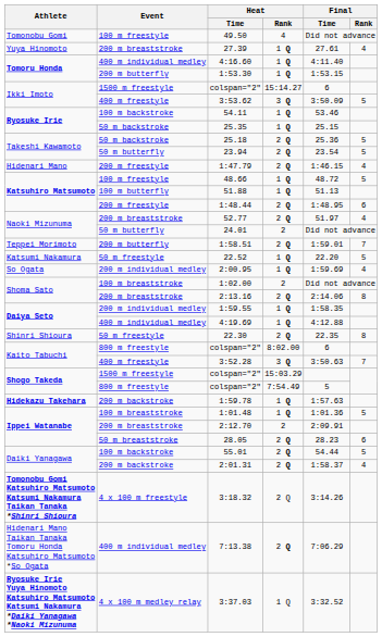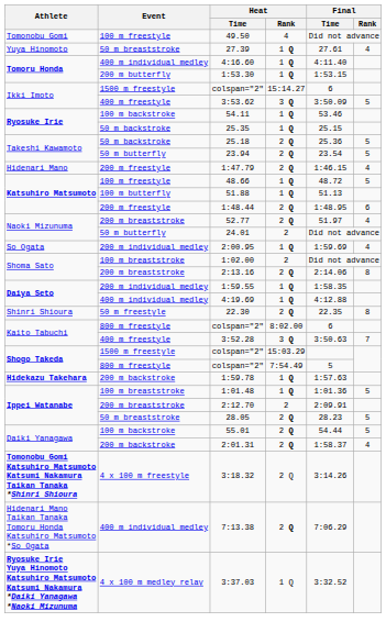 <table class=wikitable style="font-size:90%">
 <tr>
 <th rowspan="2">Athlete</th>
 <th rowspan="2">Event</th>
 <th colspan="2">Heat</th>
 <th colspan="2">Final</th>
 </tr>
 <tr style="font-size:95%">
 <th>Time</th>
 <th>Rank</th>
 <th>Time</th>
 <th>Rank</th>
 </tr>
 <tr align=center>
 <td align=left><a href='#'>Tomonobu Gomi</a></td>
 <td align=left><a href='#'>100 m freestyle</a></td>
 <td>49.50</td>
 <td>4</td>
 <td colspan="2">Did not advance</td>
 </tr>
 <tr align=center>
 <td align=left><a href='#'>Yuya Hinomoto</a></td>
-<td align=left><a href='#'>200 m breaststroke</a></td>
+<td align=left><a href='#'>50 m breaststroke</a></td>
 <td>27.39</td>
 <td>1 <strong>Q</strong></td>
 <td>27.61</td>
 <td>4</td>
 </tr>
 <tr align=center>
 <td align=left rowspan="2"><strong><a href='#'>Tomoru Honda</a></strong></td>
 <td align=left><a href='#'>400 m individual medley</a></td>
 <td>4:16.60</td>
 <td>1 <strong>Q</strong></td>
 <td>4:11.40</td>
 <td></td>
 </tr>
 <tr align=center>
 <td align=left><a href='#'>200 m butterfly</a></td>
 <td>1:53.30</td>
 <td>1 <strong>Q</strong></td>
 <td>1:53.15</td>
 <td></td>
 </tr>
 <tr align=center>
 <td align=left rowspan="2"><a href='#'>Ikki Imoto</a></td>
 <td align=left><a href='#'>1500 m freestyle</a></td>
 <td>colspan="2" </td>
 <td>15:14.27</td>
 <td>6</td>
 </tr>
 <tr align=center>
 <td align=left><a href='#'>400 m freestyle</a></td>
 <td>3:53.62</td>
 <td>3 <strong>Q</strong></td>
 <td>3:50.09</td>
 <td>5</td>
 </tr>
 <tr align=center>
 <td rowspan="2" align=left><strong><a href='#'>Ryosuke Irie</a></strong></td>
 <td align=left><a href='#'>100 m backstroke</a></td>
 <td>54.11</td>
 <td>1 <strong>Q</strong></td>
 <td>53.46</td>
 <td></td>
 </tr>
 <tr align=center>
 <td align=left><a href='#'>50 m backstroke</a></td>
 <td>25.35</td>
 <td>1 <strong>Q</strong></td>
 <td>25.15</td>
 <td></td>
 </tr>
 <tr align=center>
 <td align=left rowspan="2"><a href='#'>Takeshi Kawamoto</a></td>
 <td align=left><a href='#'>50 m backstroke</a></td>
 <td>25.18</td>
 <td>2 <strong>Q</strong></td>
 <td>25.36</td>
 <td>5</td>
 </tr>
 <tr align=center>
 <td align=left><a href='#'>50 m butterfly</a></td>
 <td>23.94</td>
 <td>2 <strong>Q</strong></td>
 <td>23.54</td>
 <td>5</td>
 </tr>
 <tr align=center>
 <td align=left><a href='#'>Hidenari Mano</a></td>
 <td align=left><a href='#'>200 m freestyle</a></td>
 <td>1:47.79</td>
 <td>2 <strong>Q</strong></td>
 <td>1:46.15</td>
 <td>4</td>
 </tr>
 <tr align=center>
 <td rowspan="3" align=left><strong><a href='#'>Katsuhiro Matsumoto</a></strong></td>
 <td align=left><a href='#'>100 m freestyle</a></td>
 <td>48.66</td>
 <td>1 <strong>Q</strong></td>
 <td>48.72</td>
 <td>5</td>
 </tr>
 <tr align=center>
 <td align=left><a href='#'>100 m butterfly</a></td>
 <td>51.88</td>
 <td>1 <strong>Q</strong></td>
 <td>51.13</td>
 <td></td>
 </tr>
 <tr align=center>
 <td align=left><a href='#'>200 m freestyle</a></td>
 <td>1:48.44</td>
 <td>2 <strong>Q</strong></td>
 <td>1:48.95</td>
 <td>6</td>
 </tr>
 <tr align=center>
 <td align=left rowspan="2"><a href='#'>Naoki Mizunuma</a></td>
 <td align=left><a href='#'>200 m breaststroke</a></td>
 <td>52.77</td>
 <td>2 <strong>Q</strong></td>
 <td>51.97</td>
 <td>4</td>
 </tr>
 <tr align=center>
 <td align=left><a href='#'>50 m butterfly</a></td>
 <td>24.01</td>
 <td>2</td>
 <td colspan="2">Did not advance</td>
 </tr>
 <tr align=center>
-<td align=left><a href='#'>Teppei Morimoto</a></td>
-<td align=left><a href='#'>200 m butterfly</a></td>
-<td>1:58.51</td>
-<td>2 <strong>Q</strong></td>
-<td>1:59.01</td>
-<td>7</td>
-</tr>
-<tr align=center>
-<td align=left><a href='#'>Katsumi Nakamura</a></td>
-<td align=left><a href='#'>50 m freestyle</a></td>
-<td>22.52</td>
-<td>1 <strong>Q</strong></td>
-<td>22.20</td>
-<td>5</td>
-</tr>
-<tr align=center>
 <td align=left><a href='#'>So Ogata</a></td>
 <td align=left><a href='#'>200 m individual medley</a></td>
 <td>2:00.95</td>
 <td>1 <strong>Q</strong></td>
 <td>1:59.69</td>
 <td>4</td>
 </tr>
 <tr align=center>
 <td align=left rowspan="2"><a href='#'>Shoma Sato</a></td>
 <td align=left><a href='#'>100 m breaststroke</a></td>
 <td>1:02.00</td>
 <td>2</td>
 <td colspan="2">Did not advance</td>
 </tr>
 <tr align=center>
 <td align=left><a href='#'>200 m breaststroke</a></td>
 <td>2:13.16</td>
 <td>2 <strong>Q</strong></td>
 <td>2:14.06</td>
 <td>8</td>
 </tr>
 <tr align=center>
 <td rowspan="2" align=left><strong><a href='#'>Daiya Seto</a></strong></td>
 <td align=left><a href='#'>200 m individual medley</a></td>
 <td>1:59.55</td>
 <td>1 <strong>Q</strong></td>
 <td>1:58.35</td>
 <td></td>
 </tr>
 <tr align=center>
 <td align=left><a href='#'>400 m individual medley</a></td>
 <td>4:19.69</td>
 <td>1 <strong>Q</strong></td>
 <td>4:12.88</td>
 <td></td>
 </tr>
 <tr align=center>
 <td align=left><a href='#'>Shinri Shioura</a></td>
 <td align=left><a href='#'>50 m freestyle</a></td>
 <td>22.30</td>
 <td>2 <strong>Q</strong></td>
 <td>22.35</td>
 <td>8</td>
 </tr>
 <tr align=center>
 <td align=left rowspan="2"><a href='#'>Kaito Tabuchi</a></td>
 <td align=left><a href='#'>800 m freestyle</a></td>
 <td>colspan="2" </td>
 <td>8:02.00</td>
 <td>6</td>
 </tr>
 <tr align=center>
 <td align=left><a href='#'>400 m freestyle</a></td>
 <td>3:52.28</td>
 <td>3 <strong>Q</strong></td>
 <td>3:50.63</td>
 <td>7</td>
 </tr>
 <tr align=center>
 <td align=left rowspan="2"><strong><a href='#'>Shogo Takeda</a></strong></td>
 <td align=left><a href='#'>1500 m freestyle</a></td>
 <td>colspan="2" </td>
 <td>15:03.29</td>
 <td></td>
 </tr>
 <tr align=center>
 <td align=left><a href='#'>800 m freestyle</a></td>
 <td>colspan="2" </td>
 <td>7:54.49</td>
 <td>5</td>
 </tr>
 <tr align=center>
 <td align=left><strong><a href='#'>Hidekazu Takehara</a></strong></td>
 <td align=left><a href='#'>200 m backstroke</a></td>
 <td>1:59.78</td>
 <td>1 <strong>Q</strong></td>
 <td>1:57.63</td>
 <td></td>
 </tr>
 <tr align=center>
 <td align=left rowspan="3"><strong><a href='#'>Ippei Watanabe</a></strong></td>
 <td align=left><a href='#'>100 m breaststroke</a></td>
 <td>1:01.48</td>
 <td>1 <strong>Q</strong></td>
 <td>1:01.36</td>
 <td>5</td>
 </tr>
 <tr align=center>
 <td align=left><a href='#'>200 m breaststroke</a></td>
 <td>2:12.70</td>
 <td>2</td>
 <td>2:09.91</td>
 <td></td>
 </tr>
 <tr align=center>
 <td align=left><a href='#'>50 m breaststroke</a></td>
 <td>28.05</td>
 <td>2 <strong>Q</strong></td>
 <td>28.23</td>
-<td>6</td>
+<td>5</td>
 </tr>
 <tr align=center>
 <td align=left rowspan="2"><a href='#'>Daiki Yanagawa</a></td>
 <td align=left><a href='#'>100 m backstroke</a></td>
 <td>55.01</td>
 <td>2 <strong>Q</strong></td>
 <td>54.44</td>
 <td>5</td>
 </tr>
 <tr align=center>
 <td align=left><a href='#'>200 m backstroke</a></td>
 <td>2:01.31</td>
 <td>2 <strong>Q</strong></td>
 <td>1:58.37</td>
 <td>4</td>
 </tr>
 <tr align=center>
 <td align=left><strong><a href='#'>Tomonobu Gomi</a><br><a href='#'>Katsuhiro Matsumoto</a><br><a href='#'>Katsumi Nakamura</a><br><a href='#'>Taikan Tanaka</a><br><em>*<a href='#'>Shinri Shioura</a><strong><em></td>
 <td align=left><a href='#'>4 x 100 m freestyle</a></td>
 <td>3:18.32</td>
 <td>2 </strong>Q<strong></td>
 <td>3:14.26</td>
 <td></td>
 </tr>
 <tr align=center>
 <td align=left></strong><a href='#'>Hidenari Mano</a><br><a href='#'>Taikan Tanaka</a><br><a href='#'>Tomoru Honda</a><br><a href='#'>Katsuhiro Matsumoto</a><br></em>*<a href='#'>So Ogata</a></em></strong></td>
 <td align=left><a href='#'>400 m individual medley</a></td>
 <td>7:13.38</td>
 <td>2 <strong>Q</strong></td>
 <td>7:06.29</td>
 <td></td>
 </tr>
 <tr align=center>
 <td align=left><strong><a href='#'>Ryosuke Irie</a><br><a href='#'>Yuya Hinomoto</a><br><a href='#'>Katsuhiro Matsumoto</a><br><a href='#'>Katsumi Nakamura</a><br><em>*<a href='#'>Daiki Yanagawa</a><br>*<a href='#'>Naoki Mizunuma</a><strong><em></td>
 <td align=left><a href='#'>4 x 100 m medley relay</a></td>
 <td>3:37.03</td>
 <td>1 </strong>Q<strong></td>
 <td>3:32.52</td>
 <td></td>
 </tr>
 </table>
